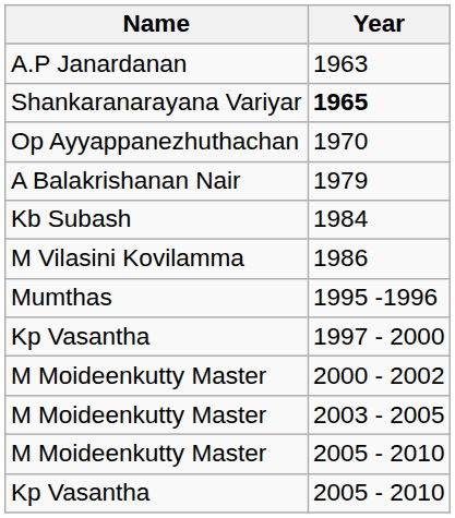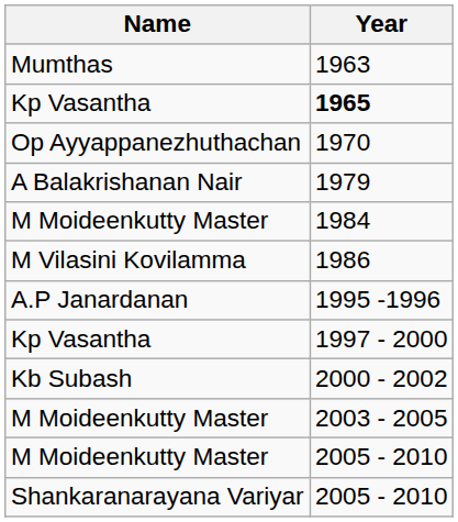 <table class="wikitable">
 <tr>
 <th>Name</th>
 <th>Year</th>
 </tr>
 <tr>
-<td>A.P Janardanan</td>
+<td>Mumthas</td>
 <td>1963</td>
 </tr>
 <tr>
-<td>Shankaranarayana Variyar</td>
+<td>Kp Vasantha</td>
 <td><strong>1965</strong></td>
 </tr>
 <tr>
 <td>Op Ayyappanezhuthachan</td>
 <td>1970</td>
 </tr>
 <tr>
 <td>A Balakrishanan Nair</td>
 <td>1979</td>
 </tr>
 <tr>
-<td>Kb Subash</td>
+<td>M Moideenkutty Master</td>
 <td>1984</td>
 </tr>
 <tr>
 <td>M Vilasini Kovilamma</td>
 <td>1986</td>
 </tr>
 <tr>
-<td>Mumthas</td>
+<td>A.P Janardanan</td>
 <td>1995 -1996</td>
 </tr>
 <tr>
 <td>Kp Vasantha</td>
 <td>1997 - 2000</td>
 </tr>
 <tr>
-<td>M Moideenkutty Master</td>
+<td>Kb Subash</td>
 <td>2000 - 2002</td>
 </tr>
 <tr>
 <td>M Moideenkutty Master</td>
 <td>2003 - 2005</td>
 </tr>
 <tr>
 <td>M Moideenkutty Master</td>
 <td>2005 - 2010</td>
 </tr>
 <tr>
-<td>Kp Vasantha</td>
+<td>Shankaranarayana Variyar</td>
 <td>2005 - 2010</td>
 </tr>
 </table>
